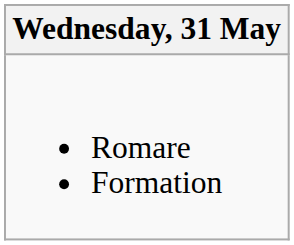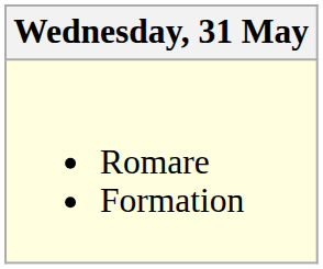 <table class="wikitable">
 <tr>
 <th>Wednesday, 31 May</th>
 </tr>
 <tr valign="top">
-<td><br><ul><li>Romare</li><li>Formation</li></ul></td>
+<td style="background: lightyellow;"><br><ul><li>Romare</li><li>Formation</li></ul></td>
 </tr>
 </table>
